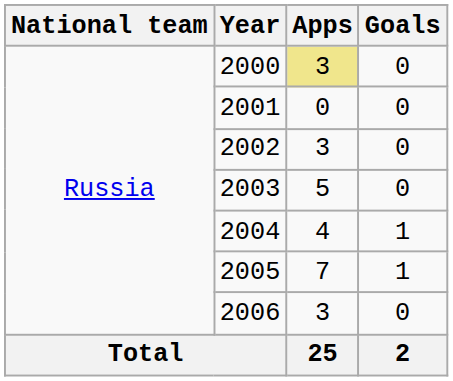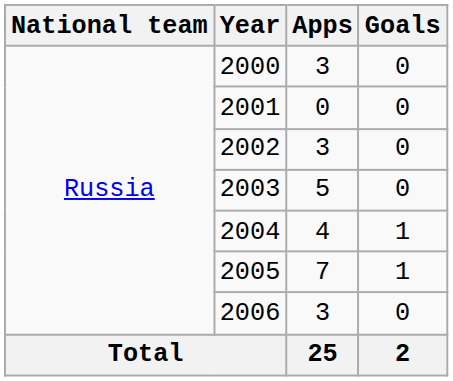 <table class="wikitable" style="text-align:center">
 <tr>
 <th>National team</th>
 <th>Year</th>
 <th>Apps</th>
 <th>Goals</th>
 </tr>
 <tr>
 <td rowspan="7"><a href='#'>Russia</a></td>
 <td>2000</td>
-<td style="background: khaki;">3</td>
+<td>3</td>
 <td>0</td>
 </tr>
 <tr>
 <td>2001</td>
 <td>0</td>
 <td>0</td>
 </tr>
 <tr>
 <td>2002</td>
 <td>3</td>
 <td>0</td>
 </tr>
 <tr>
 <td>2003</td>
 <td>5</td>
 <td>0</td>
 </tr>
 <tr>
 <td>2004</td>
 <td>4</td>
 <td>1</td>
 </tr>
 <tr>
 <td>2005</td>
 <td>7</td>
 <td>1</td>
 </tr>
 <tr>
 <td>2006</td>
 <td>3</td>
 <td>0</td>
 </tr>
 <tr>
 <th colspan="2">Total</th>
 <th>25</th>
 <th>2</th>
 </tr>
 </table>
